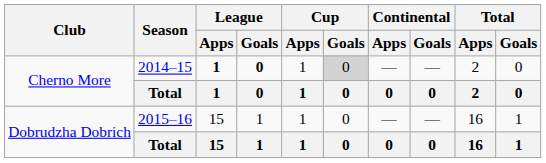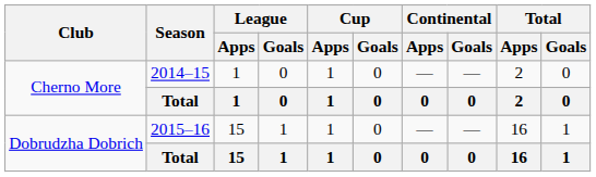 <table class="wikitable" style="font-size:90%; text-align: center">
 <tr>
 <th rowspan=2>Club</th>
 <th rowspan=2>Season</th>
 <th colspan=2>League</th>
 <th colspan=2>Cup</th>
 <th colspan=2>Continental</th>
 <th colspan=2>Total</th>
 </tr>
 <tr>
 <th>Apps</th>
 <th>Goals</th>
 <th>Apps</th>
 <th>Goals</th>
 <th>Apps</th>
 <th>Goals</th>
 <th>Apps</th>
 <th>Goals</th>
 </tr>
 <tr>
 <td rowspan=2><a href='#'>Cherno More</a></td>
 <td><a href='#'>2014–15</a></td>
-<td><strong>1</strong></td>
-<td><strong>0</strong></td>
 <td>1</td>
-<td style="background: lightgrey;">0</td>
+<td>0</td>
+<td>1</td>
+<td>0</td>
 <td>—</td>
 <td>—</td>
 <td>2</td>
 <td>0</td>
 </tr>
 <tr>
 <th>Total</th>
 <th>1</th>
 <th>0</th>
 <th>1</th>
 <th>0</th>
 <th>0</th>
 <th>0</th>
 <th>2</th>
 <th>0</th>
 </tr>
 <tr>
 <td rowspan=2><a href='#'>Dobrudzha Dobrich</a></td>
 <td><a href='#'>2015–16</a></td>
 <td>15</td>
 <td>1</td>
 <td>1</td>
 <td>0</td>
 <td>—</td>
 <td>—</td>
 <td>16</td>
 <td>1</td>
 </tr>
 <tr>
 <th>Total</th>
 <th>15</th>
 <th>1</th>
 <th>1</th>
 <th>0</th>
 <th>0</th>
 <th>0</th>
 <th>16</th>
 <th>1</th>
 </tr>
 </table>
